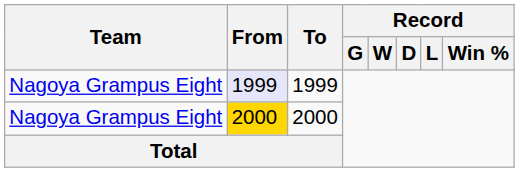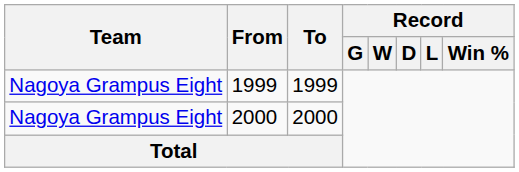 <table class="wikitable" style="text-align: center">
 <tr>
 <th rowspan="2">Team</th>
 <th rowspan="2">From</th>
 <th rowspan="2">To</th>
 <th colspan="5">Record</th>
 </tr>
 <tr>
 <th>G</th>
 <th>W</th>
 <th>D</th>
 <th>L</th>
 <th>Win %</th>
 </tr>
 <tr>
 <td align="left"><a href='#'>Nagoya Grampus Eight</a></td>
-<td align="left" style="background: lavender;">1999</td>
+<td align="left">1999</td>
 <td align="left">1999<br></td>
 </tr>
 <tr>
 <td align="left"><a href='#'>Nagoya Grampus Eight</a></td>
-<td align="left" style="background: gold;">2000</td>
+<td align="left">2000</td>
 <td align="left">2000<br></td>
 </tr>
 <tr>
 <th colspan="3">Total<br></th>
 </tr>
 </table>
